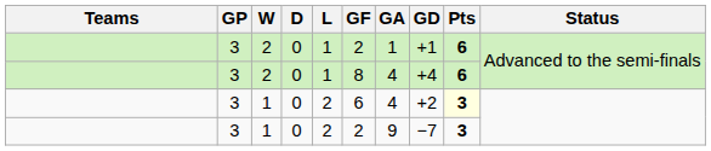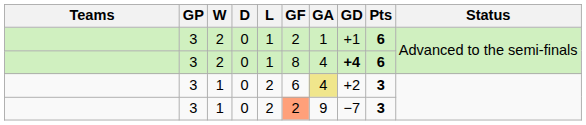 <table class="wikitable" style="text-align:center">
 <tr>
 <th width=185>Teams</th>
 <th width=20>GP</th>
 <th width=20>W</th>
 <th width=20>D</th>
 <th width=20>L</th>
 <th width=20>GF</th>
 <th width=20>GA</th>
 <th width=20>GD</th>
 <th width=20>Pts</th>
 <th>Status</th>
 </tr>
 <tr bgcolor="#D0F0C0">
 <td style="text-align:left;"></td>
 <td>3</td>
 <td>2</td>
 <td>0</td>
 <td>1</td>
 <td>2</td>
 <td>1</td>
 <td>+1</td>
 <td><strong>6</strong></td>
 <td rowspan=2>Advanced to the semi-finals</td>
 </tr>
 <tr bgcolor="#D0F0C0">
 <td style="text-align:left;"></td>
 <td>3</td>
 <td>2</td>
 <td>0</td>
 <td>1</td>
 <td>8</td>
 <td>4</td>
-<td>+4</td>
+<td><strong>+4</strong></td>
 <td><strong>6</strong></td>
 </tr>
 <tr>
 <td style="text-align:left;"></td>
 <td>3</td>
 <td>1</td>
 <td>0</td>
 <td>2</td>
 <td>6</td>
-<td>4</td>
+<td style="background: khaki;">4</td>
 <td>+2</td>
-<td style="background: lightyellow;"><strong>3</strong></td>
+<td><strong>3</strong></td>
 </tr>
 <tr>
 <td style="text-align:left;"></td>
 <td>3</td>
 <td>1</td>
 <td>0</td>
 <td>2</td>
-<td>2</td>
+<td style="background: lightsalmon;">2</td>
 <td>9</td>
 <td>−7</td>
 <td><strong>3</strong></td>
 </tr>
 </table>
